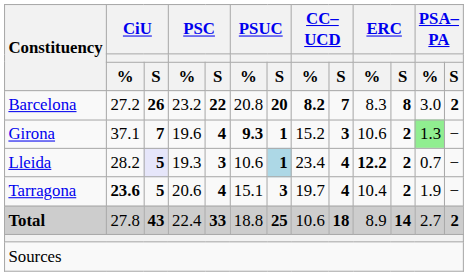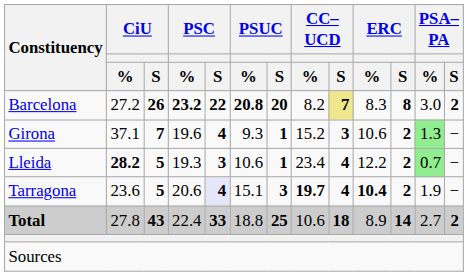 <table class="wikitable sortable" style="text-align:right; line-height:20px;">
 <tr>
 <th rowspan="3">Constituency</th>
 <th colspan="2" width="30px" class="unsortable"><a href='#'>CiU</a></th>
 <th colspan="2" width="30px" class="unsortable"><a href='#'>PSC</a></th>
 <th colspan="2" width="30px" class="unsortable"><a href='#'>PSUC</a></th>
 <th colspan="2" width="30px" class="unsortable"><a href='#'>CC–UCD</a></th>
 <th colspan="2" width="30px" class="unsortable"><a href='#'>ERC</a></th>
 <th colspan="2" width="30px" class="unsortable"><a href='#'>PSA–PA</a></th>
 </tr>
 <tr>
 <th colspan="2" style="background:"></th>
 <th colspan="2" style="background:"></th>
 <th colspan="2" style="background:"></th>
 <th colspan="2" style="background:"></th>
 <th colspan="2" style="background:"></th>
 <th colspan="2" style="background:"></th>
 </tr>
 <tr>
 <th data-sort-type="number">%</th>
 <th data-sort-type="number">S</th>
 <th data-sort-type="number">%</th>
 <th data-sort-type="number">S</th>
 <th data-sort-type="number">%</th>
 <th data-sort-type="number">S</th>
 <th data-sort-type="number">%</th>
 <th data-sort-type="number">S</th>
 <th data-sort-type="number">%</th>
 <th data-sort-type="number">S</th>
 <th data-sort-type="number">%</th>
 <th data-sort-type="number">S</th>
 </tr>
 <tr>
 <td align="left"><a href='#'>Barcelona</a></td>
 <td style="background:">27.2</td>
 <td><strong>26</strong></td>
-<td>23.2</td>
+<td><strong>23.2</strong></td>
 <td><strong>22</strong></td>
-<td>20.8</td>
+<td><strong>20.8</strong></td>
 <td><strong>20</strong></td>
-<td><strong>8.2</strong></td>
-<td><strong>7</strong></td>
+<td>8.2</td>
+<td style="background: khaki;"><strong>7</strong></td>
 <td>8.3</td>
 <td><strong>8</strong></td>
 <td>3.0</td>
 <td><strong>2</strong></td>
 </tr>
 <tr>
 <td align="left"><a href='#'>Girona</a></td>
 <td style="background:">37.1</td>
 <td><strong>7</strong></td>
 <td>19.6</td>
 <td><strong>4</strong></td>
-<td><strong>9.3</strong></td>
+<td>9.3</td>
 <td><strong>1</strong></td>
 <td>15.2</td>
 <td><strong>3</strong></td>
 <td>10.6</td>
 <td><strong>2</strong></td>
 <td style="background: lightgreen;">1.3</td>
 <td>−</td>
 </tr>
 <tr>
 <td align="left"><a href='#'>Lleida</a></td>
-<td style="background:">28.2</td>
-<td style="background: lavender;"><strong>5</strong></td>
+<td style="background:"><strong>28.2</strong></td>
+<td><strong>5</strong></td>
 <td>19.3</td>
 <td><strong>3</strong></td>
 <td>10.6</td>
-<td style="background: lightblue;"><strong>1</strong></td>
+<td><strong>1</strong></td>
 <td>23.4</td>
 <td><strong>4</strong></td>
-<td><strong>12.2</strong></td>
+<td>12.2</td>
 <td><strong>2</strong></td>
-<td>0.7</td>
+<td style="background: lightgreen;">0.7</td>
 <td>−</td>
 </tr>
 <tr>
 <td align="left"><a href='#'>Tarragona</a></td>
-<td style="background:"><strong>23.6</strong></td>
+<td style="background:">23.6</td>
 <td><strong>5</strong></td>
 <td>20.6</td>
-<td><strong>4</strong></td>
+<td style="background: lavender;"><strong>4</strong></td>
 <td>15.1</td>
 <td><strong>3</strong></td>
-<td>19.7</td>
+<td><strong>19.7</strong></td>
 <td><strong>4</strong></td>
-<td>10.4</td>
+<td><strong>10.4</strong></td>
 <td><strong>2</strong></td>
 <td>1.9</td>
 <td>−</td>
 </tr>
 <tr style="background:#CDCDCD;">
 <td align="left"><strong>Total</strong></td>
 <td style="background:">27.8</td>
 <td><strong>43</strong></td>
 <td>22.4</td>
 <td><strong>33</strong></td>
 <td>18.8</td>
 <td><strong>25</strong></td>
 <td>10.6</td>
 <td><strong>18</strong></td>
 <td>8.9</td>
 <td><strong>14</strong></td>
 <td>2.7</td>
 <td><strong>2</strong></td>
 </tr>
 <tr>
 <th colspan="13"></th>
 </tr>
 <tr>
 <th style="text-align:left; font-weight:normal; background:#F9F9F9" colspan="13">Sources</th>
 </tr>
 </table>
